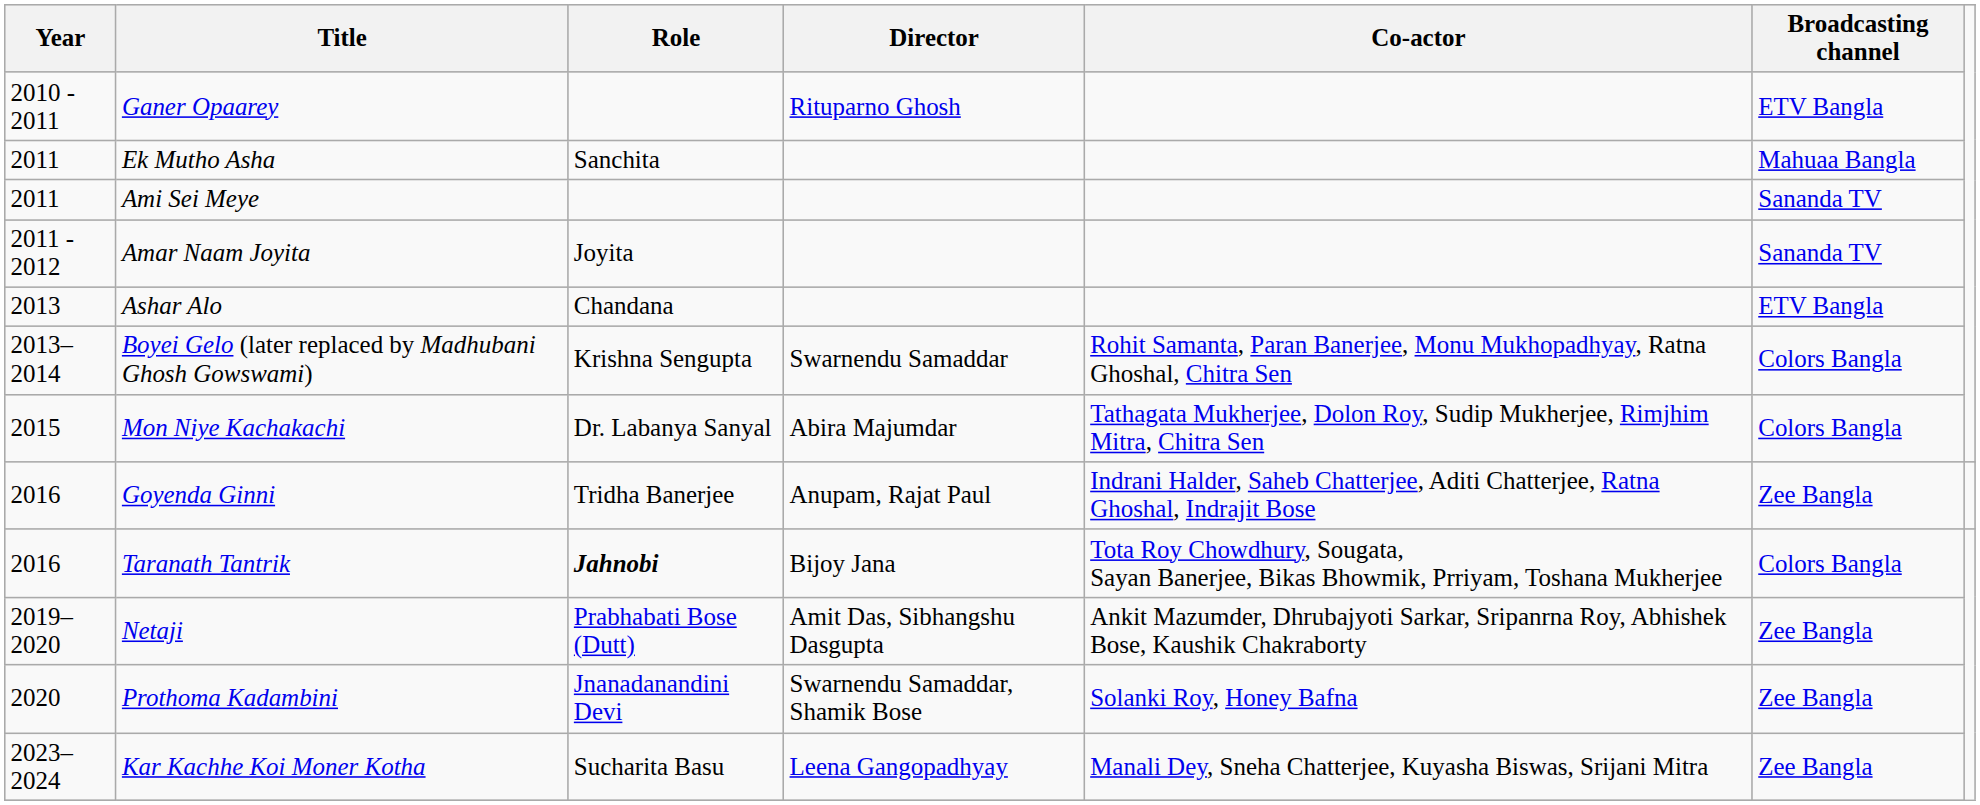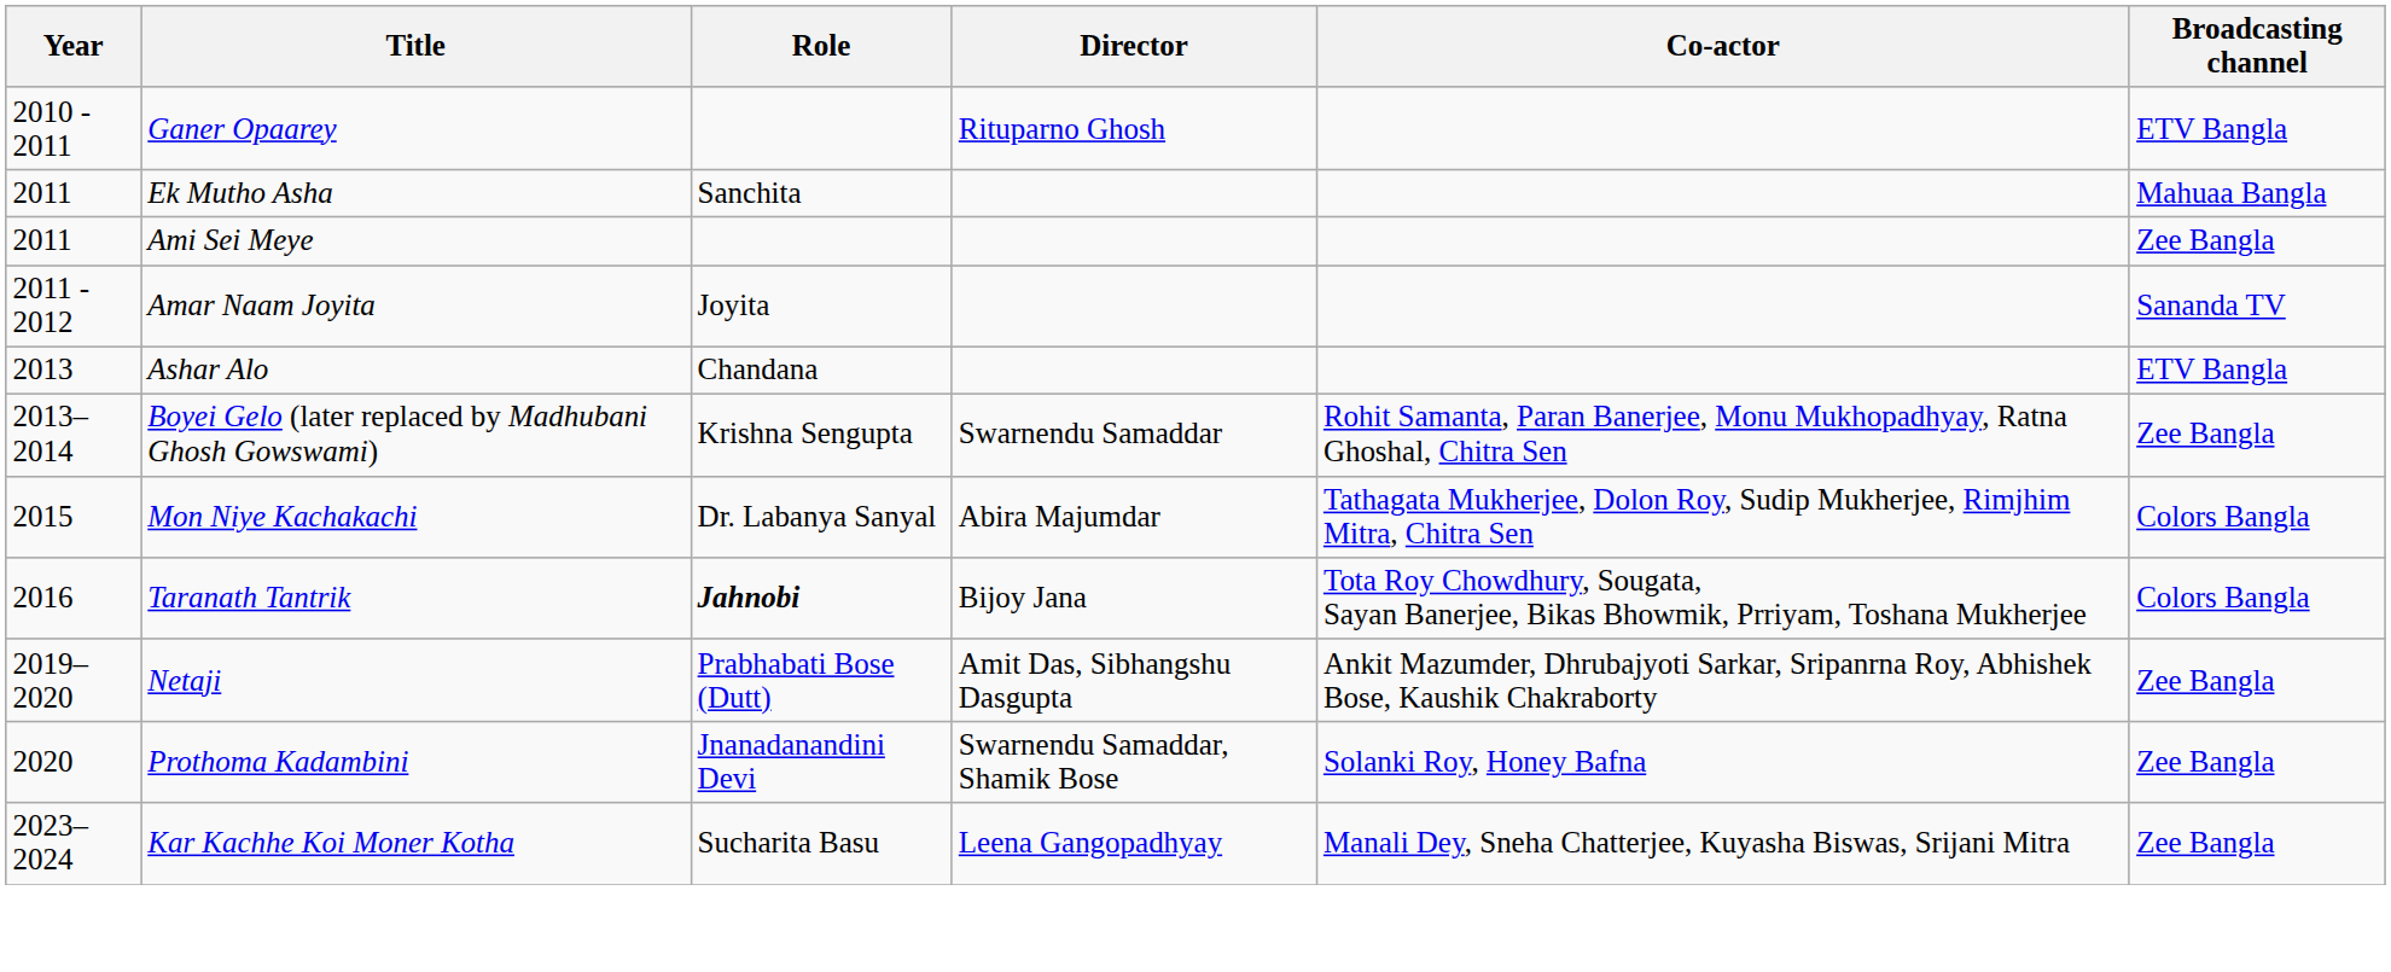 <table class="wikitable" width=100% text align=center>
 <tr>
 <th>Year</th>
 <th>Title</th>
 <th>Role</th>
 <th>Director</th>
 <th>Co-actor</th>
 <th>Broadcasting channel</th>
 </tr>
 <tr>
 <td>2010 - 2011</td>
 <td><em><a href='#'>Ganer Opaarey</a></em></td>
 <td Damini></td>
 <td><a href='#'>Rituparno Ghosh</a></td>
 <td></td>
 <td><a href='#'>ETV Bangla</a></td>
 </tr>
 <tr>
 <td>2011</td>
 <td><em>Ek Mutho Asha</em></td>
 <td>Sanchita</td>
 <td></td>
 <td></td>
 <td><a href='#'>Mahuaa Bangla</a></td>
 </tr>
 <tr>
 <td>2011</td>
 <td><em>Ami Sei Meye</em></td>
 <td></td>
 <td></td>
 <td></td>
-<td><a href='#'>Sananda TV</a></td>
+<td><a href='#'>Zee Bangla</a></td>
 </tr>
 <tr>
 <td>2011 - 2012</td>
 <td><em>Amar Naam Joyita</em></td>
 <td>Joyita</td>
 <td></td>
 <td></td>
 <td><a href='#'>Sananda TV</a></td>
 </tr>
 <tr>
 <td>2013</td>
 <td><em>Ashar Alo</em></td>
 <td>Chandana</td>
 <td></td>
 <td></td>
 <td><a href='#'>ETV Bangla</a></td>
 </tr>
 <tr>
 <td>2013–2014</td>
 <td><em><a href='#'>Boyei Gelo</a></em> (later replaced by <em>Madhubani Ghosh Gowswami</em>)</td>
 <td>Krishna Sengupta</td>
 <td>Swarnendu Samaddar</td>
 <td><a href='#'>Rohit Samanta</a>, <a href='#'>Paran Banerjee</a>, <a href='#'>Monu Mukhopadhyay</a>, Ratna Ghoshal, <a href='#'>Chitra Sen</a></td>
-<td><a href='#'>Colors Bangla</a></td>
+<td><a href='#'>Zee Bangla</a></td>
 </tr>
 <tr>
 <td>2015</td>
 <td><em><a href='#'>Mon Niye Kachakachi</a></em></td>
 <td>Dr. Labanya Sanyal</td>
 <td>Abira Majumdar</td>
 <td><a href='#'>Tathagata Mukherjee</a>, <a href='#'>Dolon Roy</a>, Sudip Mukherjee, <a href='#'>Rimjhim Mitra</a>, <a href='#'>Chitra Sen</a></td>
 <td><a href='#'>Colors Bangla</a></td>
-</tr>
-<tr>
-<td>2016</td>
-<td><em><a href='#'>Goyenda Ginni</a></em></td>
-<td>Tridha Banerjee</td>
-<td>Anupam, Rajat Paul</td>
-<td><a href='#'>Indrani Halder</a>, <a href='#'>Saheb Chatterjee</a>, Aditi Chatterjee, <a href='#'>Ratna Ghoshal</a>, <a href='#'>Indrajit Bose</a></td>
-<td><a href='#'>Zee Bangla</a></td>
-<td></td>
 </tr>
 <tr>
 <td>2016</td>
 <td><em><a href='#'>Taranath Tantrik</a></em></td>
 <td><strong><em>Jahnobi</em></strong></td>
 <td>Bijoy Jana</td>
 <td><a href='#'>Tota Roy Chowdhury</a>, Sougata,<br>Sayan Banerjee, Bikas Bhowmik, Prriyam, Toshana Mukherjee</td>
 <td><a href='#'>Colors Bangla</a></td>
 </tr>
 <tr>
 <td>2019–2020</td>
 <td><em><a href='#'>Netaji</a></em></td>
 <td><a href='#'>Prabhabati Bose (Dutt)</a></td>
 <td>Amit Das, Sibhangshu Dasgupta</td>
 <td>Ankit Mazumder, Dhrubajyoti Sarkar, Sripanrna Roy, Abhishek Bose, Kaushik Chakraborty</td>
 <td><a href='#'>Zee Bangla</a></td>
 </tr>
 <tr>
 <td>2020</td>
 <td><em><a href='#'>Prothoma Kadambini</a></em></td>
 <td><a href='#'>Jnanadanandini Devi</a></td>
 <td>Swarnendu Samaddar, Shamik Bose</td>
 <td><a href='#'>Solanki Roy</a>, <a href='#'>Honey Bafna</a></td>
 <td><a href='#'>Zee Bangla</a></td>
 </tr>
 <tr>
 <td>2023–2024</td>
 <td><em><a href='#'>Kar Kachhe Koi Moner Kotha</a></em></td>
 <td>Sucharita Basu</td>
 <td><a href='#'>Leena Gangopadhyay</a></td>
 <td><a href='#'>Manali Dey</a>, Sneha Chatterjee, Kuyasha Biswas, Srijani Mitra</td>
 <td><a href='#'>Zee Bangla</a></td>
 </tr>
 <tr>
 </tr>
 </table>
